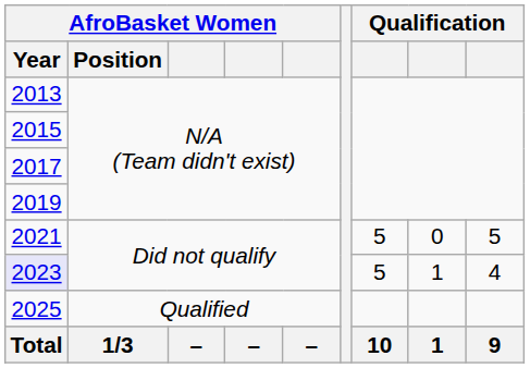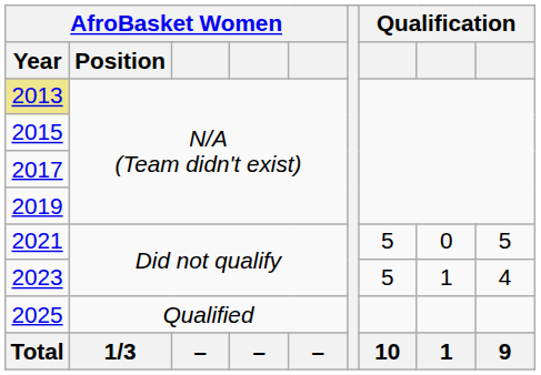 <table class="wikitable" style="text-align: center;font-size:90%;">
 <tr>
 <th colspan=5><a href='#'>AfroBasket Women</a></th>
 <th rowspan="10"></th>
 <th colspan=3>Qualification</th>
 </tr>
 <tr>
 <th>Year</th>
 <th>Position</th>
 <th width=30></th>
 <th width=30></th>
 <th width=30></th>
 <th width=30></th>
 <th width=30></th>
 <th width=30></th>
 </tr>
 <tr>
-<td> <a href='#'>2013</a></td>
+<td style="background: khaki;"> <a href='#'>2013</a></td>
 <td colspan="4" rowspan="4"><em>N/A</em><br><em>(Team didn't exist)</em></td>
 <td colspan="3" rowspan="4"></td>
 </tr>
 <tr>
 <td> <a href='#'>2015</a></td>
 </tr>
 <tr>
 <td> <a href='#'>2017</a></td>
 </tr>
 <tr>
 <td> <a href='#'>2019</a></td>
 </tr>
 <tr>
 <td> <a href='#'>2021</a></td>
 <td colspan=4 rowspan=2><em>Did not qualify</em></td>
 <td>5</td>
 <td>0</td>
 <td>5</td>
 </tr>
 <tr>
-<td style="background: lavender;"> <a href='#'>2023</a></td>
+<td> <a href='#'>2023</a></td>
 <td>5</td>
 <td>1</td>
 <td>4</td>
 </tr>
 <tr>
 <td> <a href='#'>2025</a></td>
 <td colspan=4><em>Qualified</em></td>
 <td></td>
 <td></td>
 <td></td>
 </tr>
 <tr>
 <th>Total</th>
 <th>1/3</th>
 <th>–</th>
 <th>–</th>
 <th>–</th>
 <th>10</th>
 <th>1</th>
 <th>9</th>
 </tr>
 </table>
